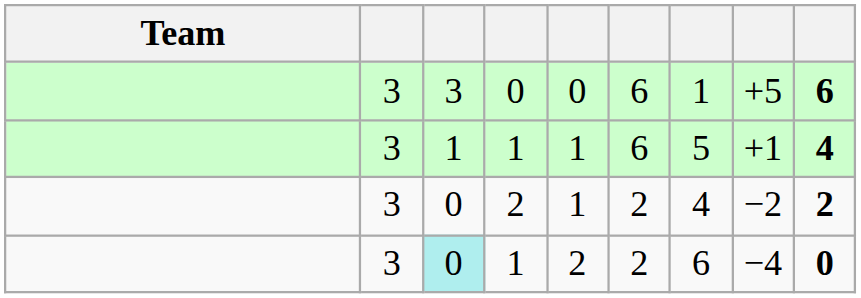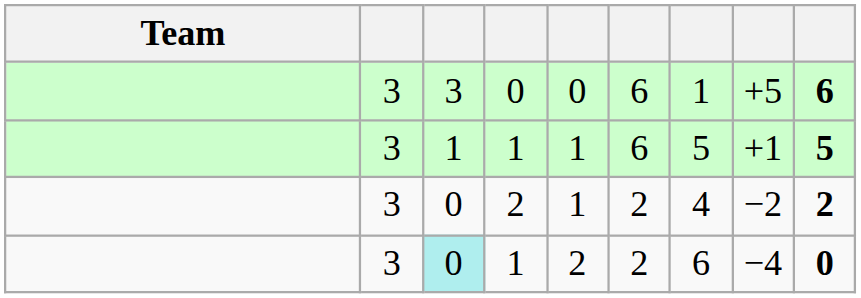 <table class="wikitable" style="text-align:center;">
 <tr>
 <th width=150>Team</th>
 <th width=20></th>
 <th width=20></th>
 <th width=20></th>
 <th width=20></th>
 <th width=20></th>
 <th width=20></th>
 <th width=20></th>
 <th width=20></th>
 </tr>
 <tr bgcolor="#ccffcc">
 <td align="left"></td>
 <td>3</td>
 <td>3</td>
 <td>0</td>
 <td>0</td>
 <td>6</td>
 <td>1</td>
 <td>+5</td>
 <td><strong>6</strong></td>
 </tr>
 <tr bgcolor="#ccffcc">
 <td align="left"></td>
 <td>3</td>
 <td>1</td>
 <td>1</td>
 <td>1</td>
 <td>6</td>
 <td>5</td>
 <td>+1</td>
-<td><strong>4</strong></td>
+<td><strong>5</strong></td>
 </tr>
 <tr>
 <td align="left"></td>
 <td>3</td>
 <td>0</td>
 <td>2</td>
 <td>1</td>
 <td>2</td>
 <td>4</td>
 <td>−2</td>
 <td><strong>2</strong></td>
 </tr>
 <tr>
 <td align="left"></td>
 <td>3</td>
 <td style="background: paleturquoise;">0</td>
 <td>1</td>
 <td>2</td>
 <td>2</td>
 <td>6</td>
 <td>−4</td>
 <td><strong>0</strong></td>
 </tr>
 </table>
